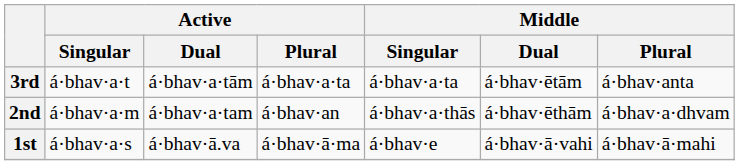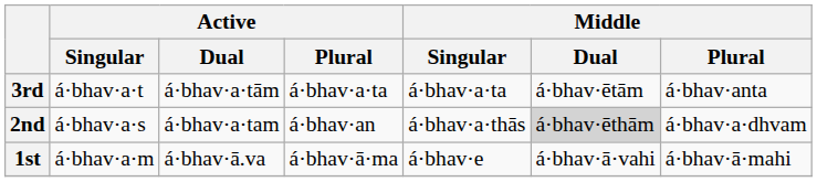 <table class="wikitable" border="1">
 <tr>
 <th rowspan="2"></th>
 <th colspan="3">Active</th>
 <th colspan="3">Middle</th>
 </tr>
 <tr>
 <th>Singular</th>
 <th>Dual</th>
 <th>Plural</th>
 <th>Singular</th>
 <th>Dual</th>
 <th>Plural</th>
 </tr>
 <tr>
 <th>3rd</th>
 <td>á·bhav·a·t</td>
 <td>á·bhav·a·tām</td>
 <td>á·bhav·a·ta</td>
 <td>á·bhav·a·ta</td>
 <td>á·bhav·ētām</td>
 <td>á·bhav·anta</td>
 </tr>
 <tr>
 <th>2nd</th>
-<td>á·bhav·a·m</td>
+<td>á·bhav·a·s</td>
 <td>á·bhav·a·tam</td>
 <td>á·bhav·an </td>
 <td>á·bhav·a·thās</td>
-<td>á·bhav·ēthām</td>
+<td style="background: lightgrey;">á·bhav·ēthām</td>
 <td>á·bhav·a·dhvam</td>
 </tr>
 <tr>
 <th>1st</th>
-<td>á·bhav·a·s</td>
+<td>á·bhav·a·m</td>
 <td>á·bhav·ā.va</td>
 <td>á·bhav·ā·ma</td>
 <td>á·bhav·e</td>
 <td>á·bhav·ā·vahi</td>
 <td>á·bhav·ā·mahi</td>
 </tr>
 <tr>
 </tr>
 </table>
